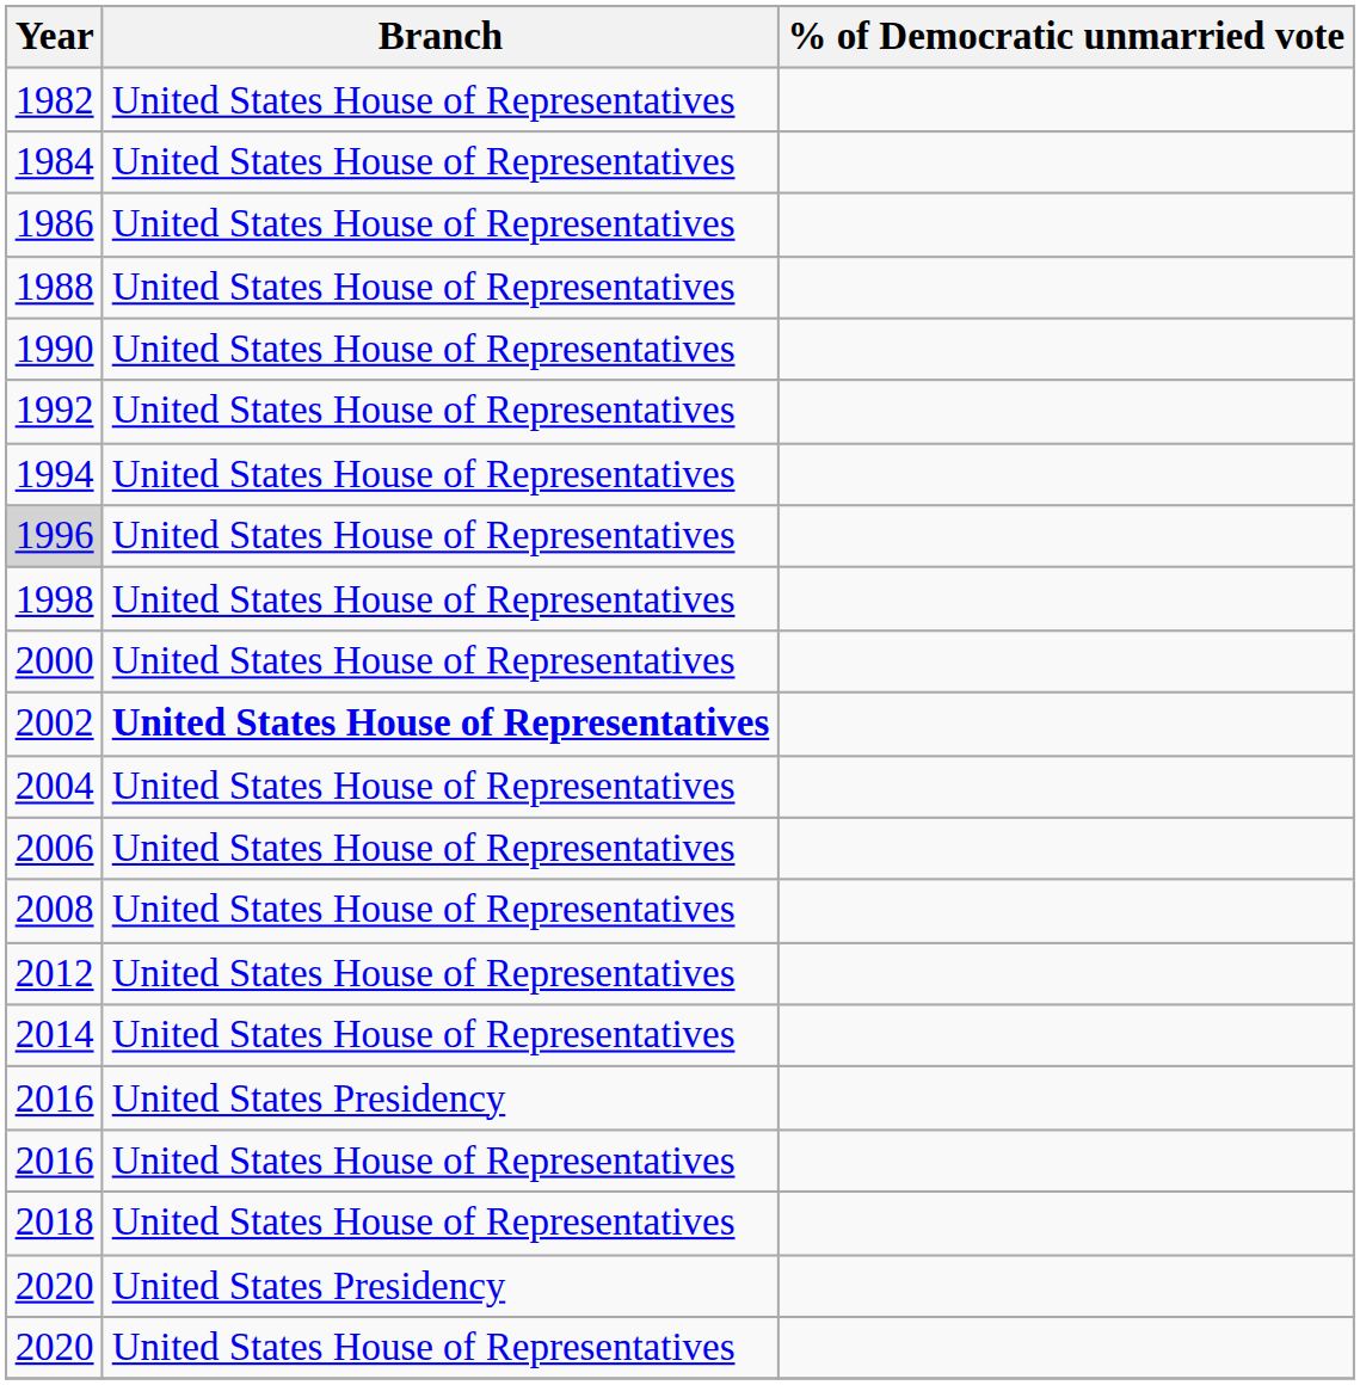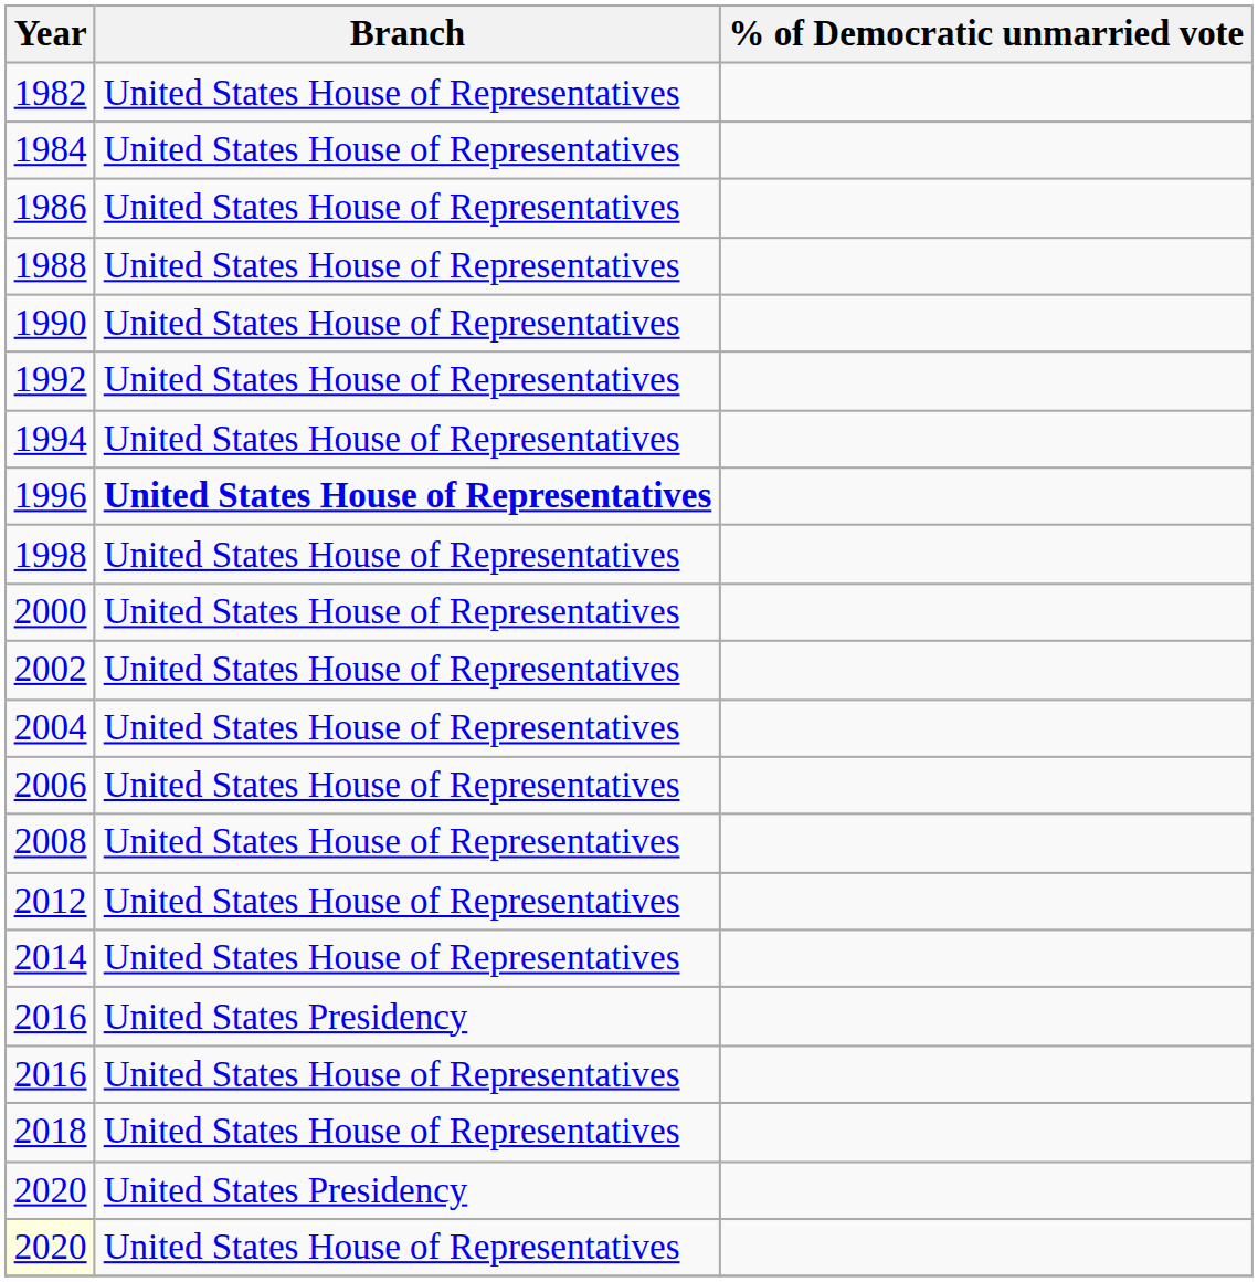 <table class="wikitable sortable collapsible">
 <tr>
 <th>Year</th>
 <th>Branch</th>
 <th colspan="2">% of Democratic unmarried vote</th>
 </tr>
 <tr>
 <td><a href='#'>1982</a></td>
 <td><a href='#'>United States House of Representatives</a></td>
 <td align=right></td>
 </tr>
 <tr>
 <td><a href='#'>1984</a></td>
 <td><a href='#'>United States House of Representatives</a></td>
 <td align=right></td>
 </tr>
 <tr>
 <td><a href='#'>1986</a></td>
 <td><a href='#'>United States House of Representatives</a></td>
 <td align=right></td>
 </tr>
 <tr>
 <td><a href='#'>1988</a></td>
 <td><a href='#'>United States House of Representatives</a></td>
 <td align=right></td>
 </tr>
 <tr>
 <td><a href='#'>1990</a></td>
 <td><a href='#'>United States House of Representatives</a></td>
 <td align=right></td>
 </tr>
 <tr>
 <td><a href='#'>1992</a></td>
 <td><a href='#'>United States House of Representatives</a></td>
 <td align=right></td>
 </tr>
 <tr>
 <td><a href='#'>1994</a></td>
 <td><a href='#'>United States House of Representatives</a></td>
 <td align=right></td>
 </tr>
 <tr>
-<td style="background: lightgrey;"><a href='#'>1996</a></td>
-<td><a href='#'>United States House of Representatives</a></td>
+<td><a href='#'>1996</a></td>
+<td><strong><a href='#'>United States House of Representatives</a></strong></td>
 <td align=right></td>
 </tr>
 <tr>
 <td><a href='#'>1998</a></td>
 <td><a href='#'>United States House of Representatives</a></td>
 <td align=right></td>
 </tr>
 <tr>
 <td><a href='#'>2000</a></td>
 <td><a href='#'>United States House of Representatives</a></td>
 <td align=right></td>
 </tr>
 <tr>
 <td><a href='#'>2002</a></td>
-<td><strong><a href='#'>United States House of Representatives</a></strong></td>
+<td><a href='#'>United States House of Representatives</a></td>
 <td align=right></td>
 </tr>
 <tr>
 <td><a href='#'>2004</a></td>
 <td><a href='#'>United States House of Representatives</a></td>
 <td align=right></td>
 </tr>
 <tr>
 <td><a href='#'>2006</a></td>
 <td><a href='#'>United States House of Representatives</a></td>
 <td align=right></td>
 </tr>
 <tr>
 <td><a href='#'>2008</a></td>
 <td><a href='#'>United States House of Representatives</a></td>
 <td align=right></td>
 </tr>
 <tr>
 <td><a href='#'>2012</a></td>
 <td><a href='#'>United States House of Representatives</a></td>
 <td align=right></td>
 </tr>
 <tr>
 <td><a href='#'>2014</a></td>
 <td><a href='#'>United States House of Representatives</a></td>
 <td align=right></td>
 </tr>
 <tr>
 <td><a href='#'>2016</a></td>
 <td><a href='#'>United States Presidency</a></td>
 <td align=right></td>
 </tr>
 <tr>
 <td><a href='#'>2016</a></td>
 <td><a href='#'>United States House of Representatives</a></td>
 <td align=right></td>
 </tr>
 <tr>
 <td><a href='#'>2018</a></td>
 <td><a href='#'>United States House of Representatives</a></td>
 <td align=right></td>
 </tr>
 <tr>
 <td><a href='#'>2020</a></td>
 <td><a href='#'>United States Presidency</a></td>
 <td align=right></td>
 </tr>
 <tr>
-<td><a href='#'>2020</a></td>
+<td style="background: lightyellow;"><a href='#'>2020</a></td>
 <td><a href='#'>United States House of Representatives</a></td>
 <td align=right></td>
 </tr>
 <tr>
 </tr>
 </table>
